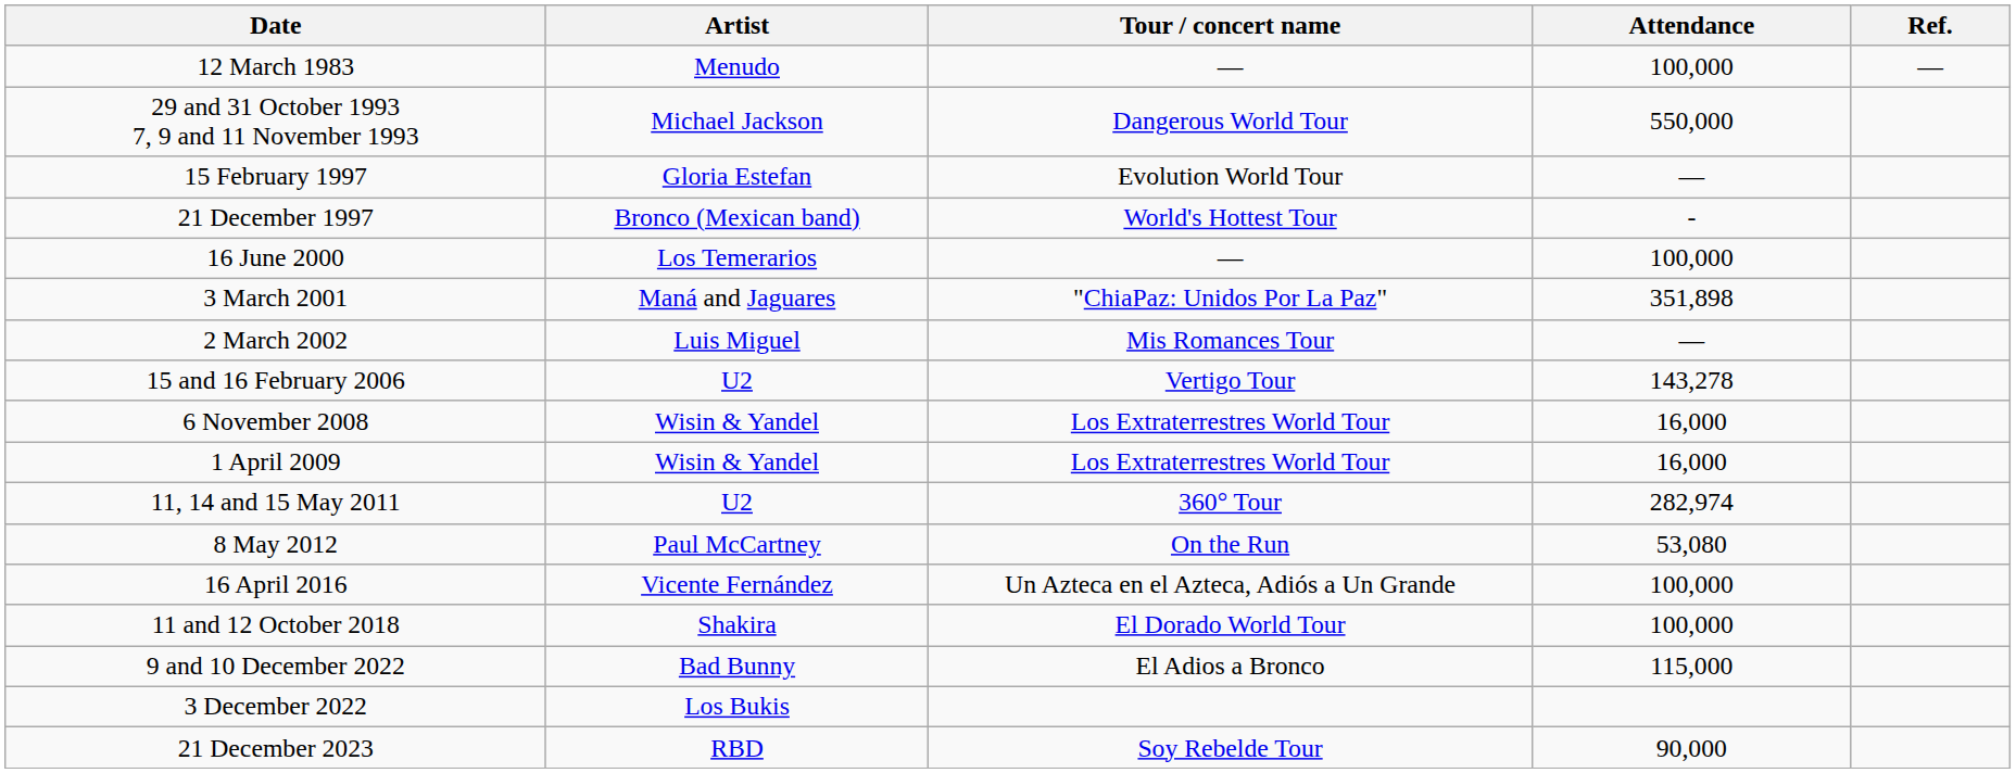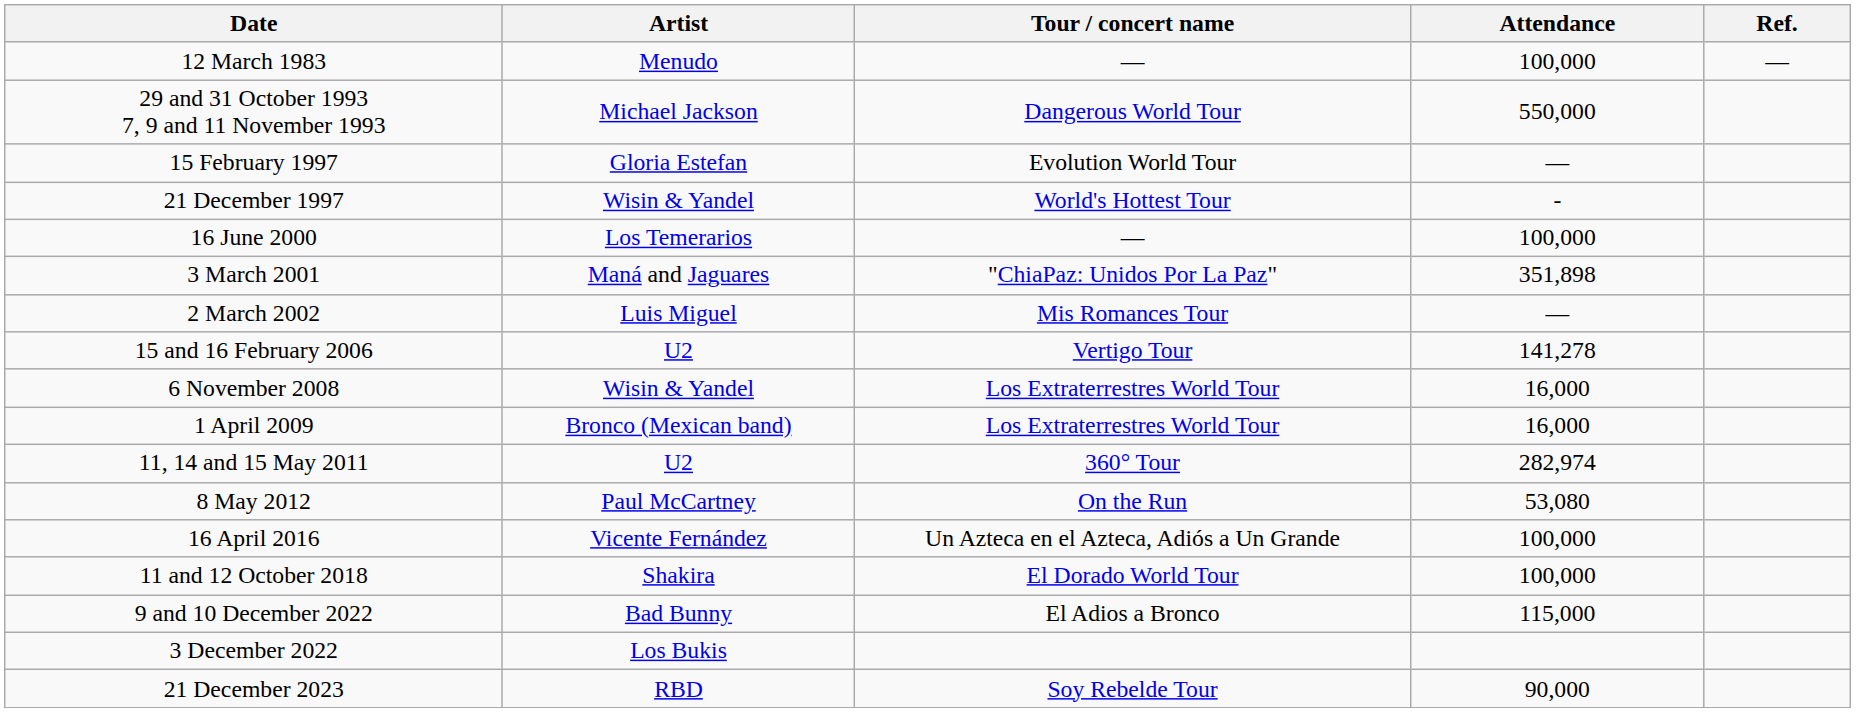 <table class="wikitable" style="text-align:center;">
 <tr>
 <th width=17% style="text-align:center;">Date</th>
 <th width=12% style="text-align:center;">Artist</th>
 <th width=19% style="text-align:center;">Tour / concert name</th>
 <th width=10% style="text-align:center;">Attendance</th>
 <th width=5% style="text-align:center;">Ref.</th>
 </tr>
 <tr>
 <td>12 March 1983</td>
 <td><a href='#'>Menudo</a></td>
 <td>—</td>
 <td>100,000</td>
 <td>—</td>
 </tr>
 <tr>
 <td>29 and 31 October 1993<br> 7, 9 and 11 November 1993</td>
 <td><a href='#'>Michael Jackson</a></td>
 <td><a href='#'>Dangerous World Tour</a></td>
 <td>550,000</td>
 <td></td>
 </tr>
 <tr>
 <td>15 February 1997</td>
 <td><a href='#'>Gloria Estefan</a></td>
 <td>Evolution World Tour</td>
 <td>—</td>
 <td></td>
 </tr>
 <tr>
 <td>21 December 1997</td>
-<td><a href='#'>Bronco (Mexican band)</a></td>
+<td><a href='#'>Wisin & Yandel</a></td>
 <td><a href='#'>World's Hottest Tour</a></td>
 <td>-</td>
 <td></td>
 </tr>
 <tr>
 <td>16 June 2000</td>
 <td><a href='#'>Los Temerarios</a></td>
 <td>—</td>
 <td>100,000</td>
 <td></td>
 </tr>
 <tr>
 <td>3 March 2001</td>
 <td><a href='#'>Maná</a> and <a href='#'>Jaguares</a></td>
 <td>"<a href='#'>ChiaPaz: Unidos Por La Paz</a>"</td>
 <td>351,898</td>
 <td></td>
 </tr>
 <tr>
 <td>2 March 2002</td>
 <td><a href='#'>Luis Miguel</a></td>
 <td><a href='#'>Mis Romances Tour</a></td>
 <td>—</td>
 <td></td>
 </tr>
 <tr>
 <td>15 and 16 February 2006</td>
 <td><a href='#'>U2</a></td>
 <td><a href='#'>Vertigo Tour</a></td>
-<td>143,278</td>
+<td>141,278</td>
 <td></td>
 </tr>
 <tr>
 <td>6 November 2008</td>
 <td><a href='#'>Wisin & Yandel</a></td>
 <td><a href='#'>Los Extraterrestres World Tour</a></td>
 <td>16,000</td>
 <td></td>
 </tr>
 <tr>
 <td>1 April 2009</td>
-<td><a href='#'>Wisin & Yandel</a></td>
+<td><a href='#'>Bronco (Mexican band)</a></td>
 <td><a href='#'>Los Extraterrestres World Tour</a></td>
 <td>16,000</td>
 <td></td>
 </tr>
 <tr>
 <td>11, 14 and 15 May 2011</td>
 <td><a href='#'>U2</a></td>
 <td><a href='#'>360° Tour</a></td>
 <td>282,974</td>
 <td></td>
 </tr>
 <tr>
 <td>8 May 2012</td>
 <td><a href='#'>Paul McCartney</a></td>
 <td><a href='#'>On the Run</a></td>
 <td>53,080</td>
 <td></td>
 </tr>
 <tr>
 <td>16 April 2016</td>
 <td><a href='#'>Vicente Fernández</a></td>
 <td>Un Azteca en el Azteca, Adiós a Un Grande</td>
 <td>100,000</td>
 <td></td>
 </tr>
 <tr>
 <td>11 and 12 October 2018</td>
 <td><a href='#'>Shakira</a></td>
 <td><a href='#'>El Dorado World Tour</a></td>
 <td>100,000</td>
 <td></td>
 </tr>
 <tr>
 <td>9 and 10 December 2022</td>
 <td><a href='#'>Bad Bunny</a></td>
 <td>El Adios a Bronco</td>
 <td>115,000</td>
 <td></td>
 </tr>
 <tr>
 <td>3 December 2022</td>
 <td><a href='#'>Los Bukis</a></td>
 <td></td>
 <td></td>
 <td></td>
 </tr>
 <tr>
 <td>21 December 2023</td>
 <td><a href='#'>RBD</a></td>
 <td><a href='#'>Soy Rebelde Tour</a></td>
 <td>90,000</td>
 <td></td>
 </tr>
 <tr>
 </tr>
 </table>
